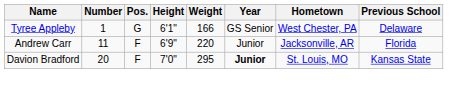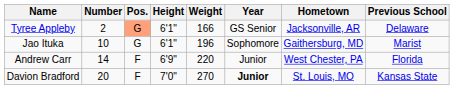 <table class="wikitable sortable" border="1" style="text-align:center;">
 <tr align=center>
 <th>Name</th>
 <th>Number</th>
 <th>Pos.</th>
 <th>Height</th>
 <th>Weight</th>
 <th>Year</th>
 <th>Hometown</th>
 <th>Previous School</th>
 </tr>
 <tr>
 <td><a href='#'>Tyree Appleby</a></td>
-<td>1</td>
-<td>G</td>
+<td>2</td>
+<td style="background: lightsalmon;">G</td>
 <td>6'1"</td>
 <td>166</td>
 <td>GS Senior</td>
-<td><a href='#'>West Chester, PA</a></td>
+<td><a href='#'>Jacksonville, AR</a></td>
 <td><a href='#'>Delaware</a></td>
 </tr>
 <tr>
+<td>Jao Ituka</td>
+<td>10</td>
+<td>G</td>
+<td>6'1"</td>
+<td>196</td>
+<td>Sophomore</td>
+<td><a href='#'>Gaithersburg, MD</a></td>
+<td><a href='#'>Marist</a></td>
+</tr>
+<tr>
 <td>Andrew Carr</td>
-<td>11</td>
+<td>14</td>
 <td>F</td>
 <td>6'9"</td>
 <td>220</td>
 <td>Junior</td>
-<td><a href='#'>Jacksonville, AR</a></td>
+<td><a href='#'>West Chester, PA</a></td>
 <td><a href='#'>Florida</a></td>
 </tr>
 <tr>
 <td>Davion Bradford</td>
 <td>20</td>
 <td>F</td>
 <td>7'0"</td>
-<td>295</td>
+<td>270</td>
 <td><strong>Junior</strong></td>
 <td><a href='#'>St. Louis, MO</a></td>
 <td><a href='#'>Kansas State</a></td>
 </tr>
 </table>
